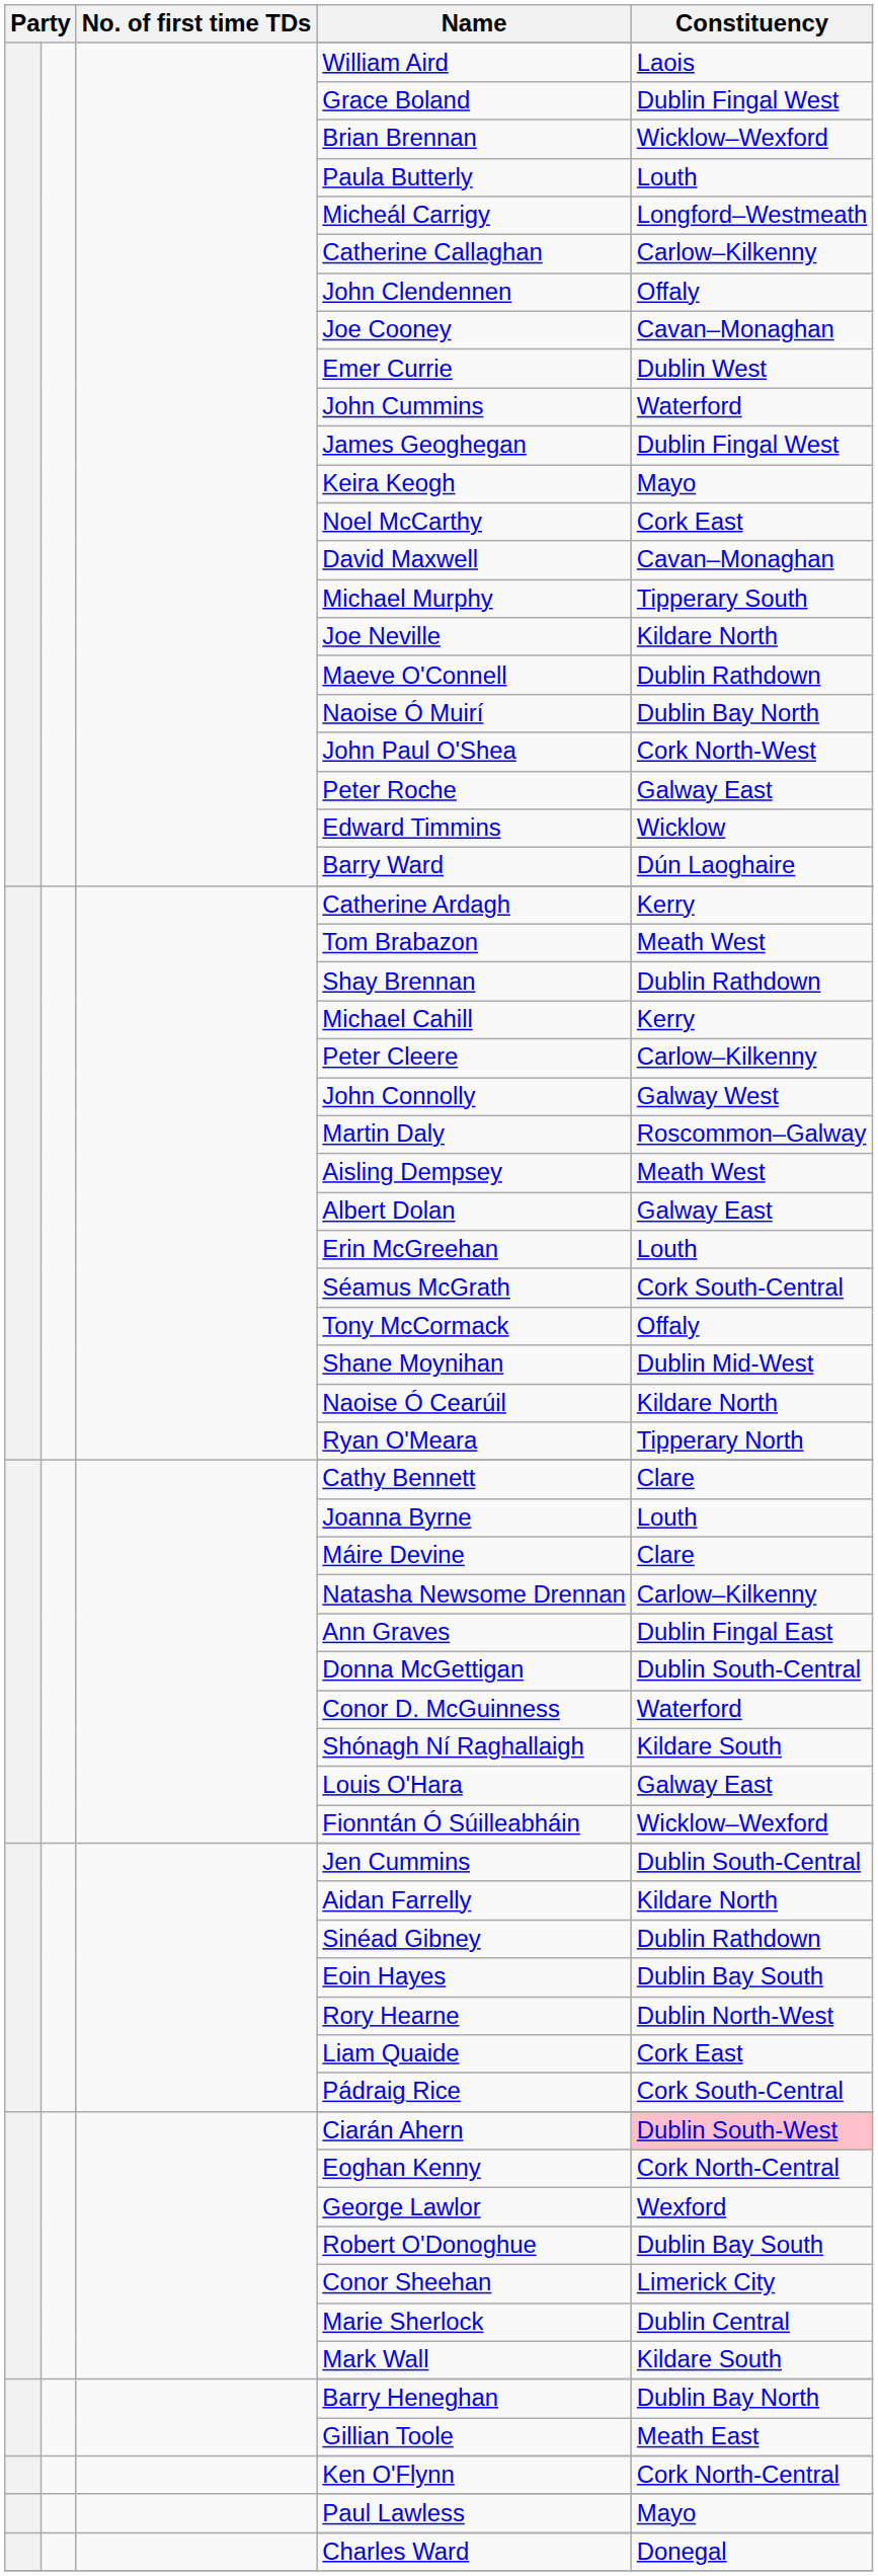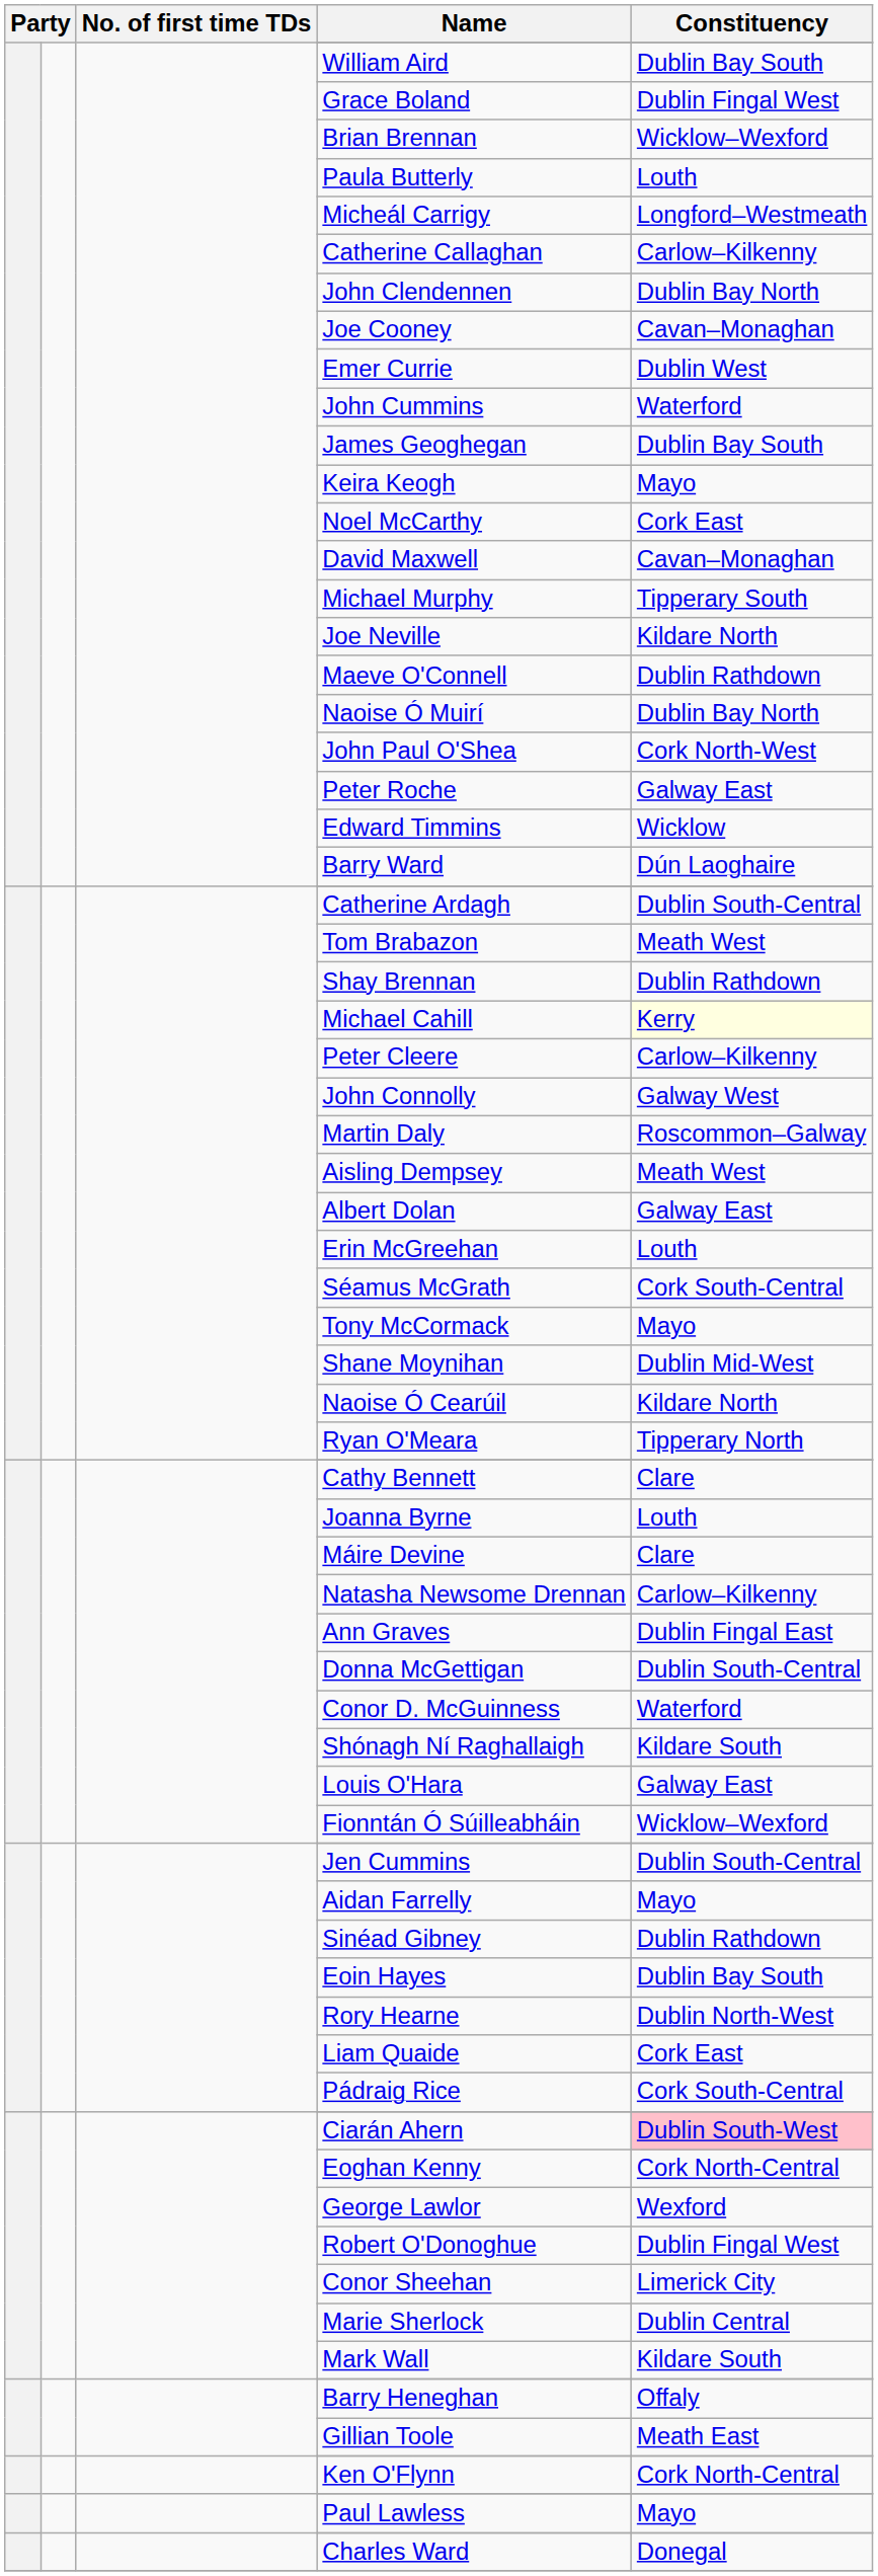 <table class="wikitable collapsible" style="font-size: 100%;">
 <tr>
 <th colspan=2>Party</th>
 <th>No. of first time TDs</th>
 <th>Name</th>
 <th>Constituency</th>
 </tr>
 <tr>
 <th rowspan="23" style="background-color: "></th>
 <td rowspan="23"></td>
 <td rowspan="23"></td>
 </tr>
 <tr>
 <td data-sort-value="Aird, William"><a href='#'>William Aird</a></td>
-<td><a href='#'>Laois</a></td>
+<td><a href='#'>Dublin Bay South</a></td>
 </tr>
 <tr>
 <td data-sort-value="Boland, Grace"><a href='#'>Grace Boland</a></td>
 <td><a href='#'>Dublin Fingal West</a></td>
 </tr>
 <tr>
 <td data-sort-value="Brennan, Brian"><a href='#'>Brian Brennan</a></td>
 <td><a href='#'>Wicklow–Wexford</a></td>
 </tr>
 <tr>
 <td data-sort-value="Butterly, Paula"><a href='#'>Paula Butterly</a></td>
 <td><a href='#'>Louth</a></td>
 </tr>
 <tr>
 <td data-sort-value="Carrigy, Micheal"><a href='#'>Micheál Carrigy</a></td>
 <td><a href='#'>Longford–Westmeath</a></td>
 </tr>
 <tr>
 <td data-sort-value="Callaghan, Catherine"><a href='#'>Catherine Callaghan</a></td>
 <td><a href='#'>Carlow–Kilkenny</a></td>
 </tr>
 <tr>
 <td data-sort-value="Clendennen, John"><a href='#'>John Clendennen</a></td>
-<td><a href='#'>Offaly</a></td>
+<td><a href='#'>Dublin Bay North</a></td>
 </tr>
 <tr>
 <td data-sort-value="Cooney, Joe"><a href='#'>Joe Cooney</a></td>
 <td><a href='#'>Cavan–Monaghan</a></td>
 </tr>
 <tr>
 <td data-sort-value="Currie, Emer"><a href='#'>Emer Currie</a></td>
 <td><a href='#'>Dublin West</a></td>
 </tr>
 <tr>
 <td data-sort-value="Cummins, John"><a href='#'>John Cummins</a></td>
 <td><a href='#'>Waterford</a></td>
 </tr>
 <tr>
 <td data-sort-value="Geoghegan, James"><a href='#'>James Geoghegan</a></td>
-<td><a href='#'>Dublin Fingal West</a></td>
+<td><a href='#'>Dublin Bay South</a></td>
 </tr>
 <tr>
 <td data-sort-value="Keogh, Keira"><a href='#'>Keira Keogh</a></td>
 <td><a href='#'>Mayo</a></td>
 </tr>
 <tr>
 <td data-sort-value="McCarthy, Noel "><a href='#'>Noel McCarthy</a></td>
 <td><a href='#'>Cork East</a></td>
 </tr>
 <tr>
 <td data-sort-value="Maxwell, David"><a href='#'>David Maxwell</a></td>
 <td><a href='#'>Cavan–Monaghan</a></td>
 </tr>
 <tr>
 <td data-sort-value="Murphy, Michael"><a href='#'>Michael Murphy</a></td>
 <td><a href='#'>Tipperary South</a></td>
 </tr>
 <tr>
 <td data-sort-value="Neville, Joe"><a href='#'>Joe Neville</a></td>
 <td><a href='#'>Kildare North</a></td>
 </tr>
 <tr>
 <td data-sort-value="OConnell, Maeve"><a href='#'>Maeve O'Connell</a></td>
 <td><a href='#'>Dublin Rathdown</a></td>
 </tr>
 <tr>
 <td data-sort-value="OMuiri, Naoise"><a href='#'>Naoise Ó Muirí</a></td>
 <td><a href='#'>Dublin Bay North</a></td>
 </tr>
 <tr>
 <td data-sort-value="OShea, JohnPaul"><a href='#'>John Paul O'Shea</a></td>
 <td><a href='#'>Cork North-West</a></td>
 </tr>
 <tr>
 <td data-sort-value="Roche, Peter"><a href='#'>Peter Roche</a></td>
 <td><a href='#'>Galway East</a></td>
 </tr>
 <tr>
 <td data-sort-value="Timmins, Edward"><a href='#'>Edward Timmins</a></td>
 <td><a href='#'>Wicklow</a></td>
 </tr>
 <tr>
 <td data-sort-value="Ward, Barry"><a href='#'>Barry Ward</a></td>
 <td><a href='#'>Dún Laoghaire</a></td>
 </tr>
 <tr>
 <th rowspan="16" style="background-color: "></th>
 <td rowspan="16"></td>
 <td rowspan="16"></td>
 </tr>
 <tr>
 <td data-sort-value="Ardagh, Catherine"><a href='#'>Catherine Ardagh</a></td>
-<td><a href='#'>Kerry</a></td>
+<td><a href='#'>Dublin South-Central</a></td>
 </tr>
 <tr>
 <td data-sort-value="Brabazon, Tom"><a href='#'>Tom Brabazon</a></td>
 <td><a href='#'>Meath West</a></td>
 </tr>
 <tr>
 <td data-sort-value="Brennan, Shay"><a href='#'>Shay Brennan</a></td>
 <td><a href='#'>Dublin Rathdown</a></td>
 </tr>
 <tr>
 <td data-sort-value="Cahill, Michael"><a href='#'>Michael Cahill</a></td>
-<td><a href='#'>Kerry</a></td>
+<td style="background: lightyellow;"><a href='#'>Kerry</a></td>
 </tr>
 <tr>
 <td data-sort-value="Cleere, Peter"><a href='#'>Peter Cleere</a></td>
 <td><a href='#'>Carlow–Kilkenny</a></td>
 </tr>
 <tr>
 <td data-sort-value="Connolly, John"><a href='#'>John Connolly</a></td>
 <td><a href='#'>Galway West</a></td>
 </tr>
 <tr>
 <td data-sort-value="Daly, Martin"><a href='#'>Martin Daly</a></td>
 <td><a href='#'>Roscommon–Galway</a></td>
 </tr>
 <tr>
 <td data-sort-value="Dempsey, Aisling"><a href='#'>Aisling Dempsey</a></td>
 <td><a href='#'>Meath West</a></td>
 </tr>
 <tr>
 <td data-sort-value="Dolan, Albert"><a href='#'>Albert Dolan</a></td>
 <td><a href='#'>Galway East</a></td>
 </tr>
 <tr>
 <td data-sort-value="McGreehan, Erin"><a href='#'>Erin McGreehan</a></td>
 <td><a href='#'>Louth</a></td>
 </tr>
 <tr>
 <td data-sort-value="McGrath, Seamus"><a href='#'>Séamus McGrath</a></td>
 <td><a href='#'>Cork South-Central</a></td>
 </tr>
 <tr>
 <td data-sort-value="McCormack, Tony"><a href='#'>Tony McCormack</a></td>
-<td><a href='#'>Offaly</a></td>
+<td><a href='#'>Mayo</a></td>
 </tr>
 <tr>
 <td data-sort-value="Moynihan, Shane"><a href='#'>Shane Moynihan</a></td>
 <td><a href='#'>Dublin Mid-West</a></td>
 </tr>
 <tr>
 <td data-sort-value="OCearuil, Naoise"><a href='#'>Naoise Ó Cearúil</a></td>
 <td><a href='#'>Kildare North</a></td>
 </tr>
 <tr>
 <td data-sort-value="OMeara, Ryan"><a href='#'>Ryan O'Meara</a></td>
 <td><a href='#'>Tipperary North</a></td>
 </tr>
 <tr>
 <th rowspan="11" style="background-color: "></th>
 <td rowspan="11"></td>
 <td rowspan="11"></td>
 </tr>
 <tr>
 <td data-sort-value="Bennett, Cathy"><a href='#'>Cathy Bennett</a></td>
 <td><a href='#'>Clare</a></td>
 </tr>
 <tr>
 <td data-sort-value="Byrne, Joanna"><a href='#'>Joanna Byrne</a></td>
 <td><a href='#'>Louth</a></td>
 </tr>
 <tr>
 <td data-sort-value="Devine, Maire"><a href='#'>Máire Devine</a></td>
 <td><a href='#'>Clare</a></td>
 </tr>
 <tr>
 <td data-sort-value="Newsome Drennan, Natasha"><a href='#'>Natasha Newsome Drennan</a></td>
 <td><a href='#'>Carlow–Kilkenny</a></td>
 </tr>
 <tr>
 <td data-sort-value="Graves, Ann"><a href='#'>Ann Graves</a></td>
 <td><a href='#'>Dublin Fingal East</a></td>
 </tr>
 <tr>
 <td data-sort-value="McGettigan, Donna"><a href='#'>Donna McGettigan</a></td>
 <td><a href='#'>Dublin South-Central</a></td>
 </tr>
 <tr>
 <td data-sort-value="McGuinness, Conor"><a href='#'>Conor D. McGuinness</a></td>
 <td><a href='#'>Waterford</a></td>
 </tr>
 <tr>
 <td data-sort-value="NiRaghallaigh, Shonagh"><a href='#'>Shónagh Ní Raghallaigh</a></td>
 <td><a href='#'>Kildare South</a></td>
 </tr>
 <tr>
 <td data-sort-value="OHara, Louis"><a href='#'>Louis O'Hara</a></td>
 <td><a href='#'>Galway East</a></td>
 </tr>
 <tr>
 <td data-sort-value="OSuilleabhain, Fionntan"><a href='#'>Fionntán Ó Súilleabháin</a></td>
 <td><a href='#'>Wicklow–Wexford</a></td>
 </tr>
 <tr>
 <th rowspan="8" style="background-color: "></th>
 <td rowspan="8"></td>
 <td rowspan="8"></td>
 </tr>
 <tr>
 <td data-sort-value="Cummins, Jen"><a href='#'>Jen Cummins</a></td>
 <td><a href='#'>Dublin South-Central</a></td>
 </tr>
 <tr>
 <td data-sort-value="Farrelly, Aidan"><a href='#'>Aidan Farrelly</a></td>
-<td><a href='#'>Kildare North</a></td>
+<td><a href='#'>Mayo</a></td>
 </tr>
 <tr>
 <td data-sort-value="Gibney, Sinead"><a href='#'>Sinéad Gibney</a></td>
 <td><a href='#'>Dublin Rathdown</a></td>
 </tr>
 <tr>
 <td data-sort-value="Hayes, Eoin"><a href='#'>Eoin Hayes</a></td>
 <td><a href='#'>Dublin Bay South</a></td>
 </tr>
 <tr>
 <td data-sort-value="Hearne, Rory"><a href='#'>Rory Hearne</a></td>
 <td><a href='#'>Dublin North-West</a></td>
 </tr>
 <tr>
 <td data-sort-value="Quaide, Liam"><a href='#'>Liam Quaide</a></td>
 <td><a href='#'>Cork East</a></td>
 </tr>
 <tr>
 <td data-sort-value="Rice, Padraig"><a href='#'>Pádraig Rice</a></td>
 <td><a href='#'>Cork South-Central</a></td>
 </tr>
 <tr>
 <th rowspan="8" style="background-color: "></th>
 <td rowspan="8"></td>
 <td rowspan="8"></td>
 </tr>
 <tr>
 <td data-sort-value="Ahern, Ciaran"><a href='#'>Ciarán Ahern</a></td>
 <td style="background: pink;"><a href='#'>Dublin South-West</a></td>
 </tr>
 <tr>
 <td data-sort-value="Kenny, Eoghan"><a href='#'>Eoghan Kenny</a></td>
 <td><a href='#'>Cork North-Central</a></td>
 </tr>
 <tr>
 <td data-sort-value="Lawlor, George"><a href='#'>George Lawlor</a></td>
 <td><a href='#'>Wexford</a></td>
 </tr>
 <tr>
 <td data-sort-value="ODonoghue, Robert"><a href='#'>Robert O'Donoghue</a></td>
-<td><a href='#'>Dublin Bay South</a></td>
+<td><a href='#'>Dublin Fingal West</a></td>
 </tr>
 <tr>
 <td data-sort-value="Sheehan, Conor"><a href='#'>Conor Sheehan</a></td>
 <td><a href='#'>Limerick City</a></td>
 </tr>
 <tr>
 <td data-sort-value="Sherlock, Marie"><a href='#'>Marie Sherlock</a></td>
 <td><a href='#'>Dublin Central</a></td>
 </tr>
 <tr>
 <td data-sort-value="Wall, Mark"><a href='#'>Mark Wall</a></td>
 <td><a href='#'>Kildare South</a></td>
 </tr>
 <tr>
 <th rowspan="3" style="background-color: "></th>
 <td rowspan="3"></td>
 <td rowspan="3"></td>
 </tr>
 <tr>
 <td data-sort-value="Heneghan, Barry"><a href='#'>Barry Heneghan</a></td>
-<td><a href='#'>Dublin Bay North</a></td>
+<td><a href='#'>Offaly</a></td>
 </tr>
 <tr>
 <td data-sort-value="Toole, Gillian"><a href='#'>Gillian Toole</a></td>
 <td><a href='#'>Meath East</a></td>
 </tr>
 <tr>
 <th rowspan="2" style="background-color: "></th>
 <td rowspan="2"></td>
 <td rowspan="2"></td>
 </tr>
 <tr>
 <td data-sort-value="OFlynn, Ken"><a href='#'>Ken O'Flynn</a></td>
 <td><a href='#'>Cork North-Central</a></td>
 </tr>
 <tr>
 <th rowspan="2" style="background-color: "></th>
 <td rowspan="2"></td>
 <td rowspan="2"></td>
 </tr>
 <tr>
 <td data-sort-value="Lawless, Paul"><a href='#'>Paul Lawless</a></td>
 <td><a href='#'>Mayo</a></td>
 </tr>
 <tr>
 <th rowspan="2" style="background-color: "></th>
 <td rowspan="2"></td>
 <td rowspan="2"></td>
 </tr>
 <tr>
 <td data-sort-value="Ward, Charles"><a href='#'>Charles Ward</a></td>
 <td><a href='#'>Donegal</a></td>
 </tr>
 <tr>
 </tr>
 </table>
